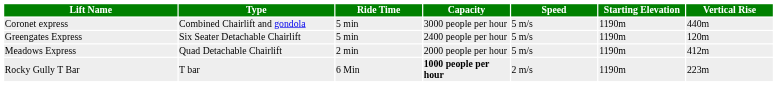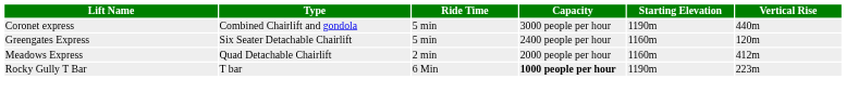 <table ->
 <tr>
 <th width=20% style="background: green; color: white;">Lift Name</th>
 <th width=18% style="background: green; color: white;">Type</th>
 <th width=10% style="background: green; color: white;">Ride Time</th>
 <th width=10% style="background: green; color: white;">Capacity</th>
-<th width=10% style="background: green; color: white;">Speed</th>
 <th width=10% style="background: green; color: white;">Starting Elevation</th>
 <th width=10% style="background: green; color: white;">Vertical Rise</th>
 </tr>
 <tr style="background: #eeeeee; color: black;">
 <td>Coronet express</td>
 <td>Combined Chairlift and <a href='#'>gondola</a></td>
 <td>5 min</td>
 <td>3000 people per hour</td>
-<td>5 m/s</td>
 <td>1190m</td>
 <td>440m</td>
 </tr>
 <tr style="background: #eeeeee; color: black;">
 <td>Greengates Express</td>
 <td>Six Seater Detachable Chairlift</td>
 <td>5 min</td>
 <td>2400 people per hour</td>
-<td>5 m/s</td>
-<td>1190m</td>
+<td>1160m</td>
 <td>120m</td>
 </tr>
 <tr style="background: #eeeeee; color: black;">
 <td>Meadows Express</td>
 <td>Quad Detachable Chairlift</td>
 <td>2 min</td>
 <td>2000 people per hour</td>
-<td>5 m/s</td>
-<td>1190m</td>
+<td>1160m</td>
 <td>412m</td>
 </tr>
 <tr style="background: #eeeeee; color: black;">
 <td>Rocky Gully T Bar</td>
 <td>T bar</td>
 <td>6 Min</td>
 <td><strong>1000 people per hour</strong></td>
-<td>2 m/s</td>
 <td>1190m</td>
 <td>223m</td>
 </tr>
 </table>
